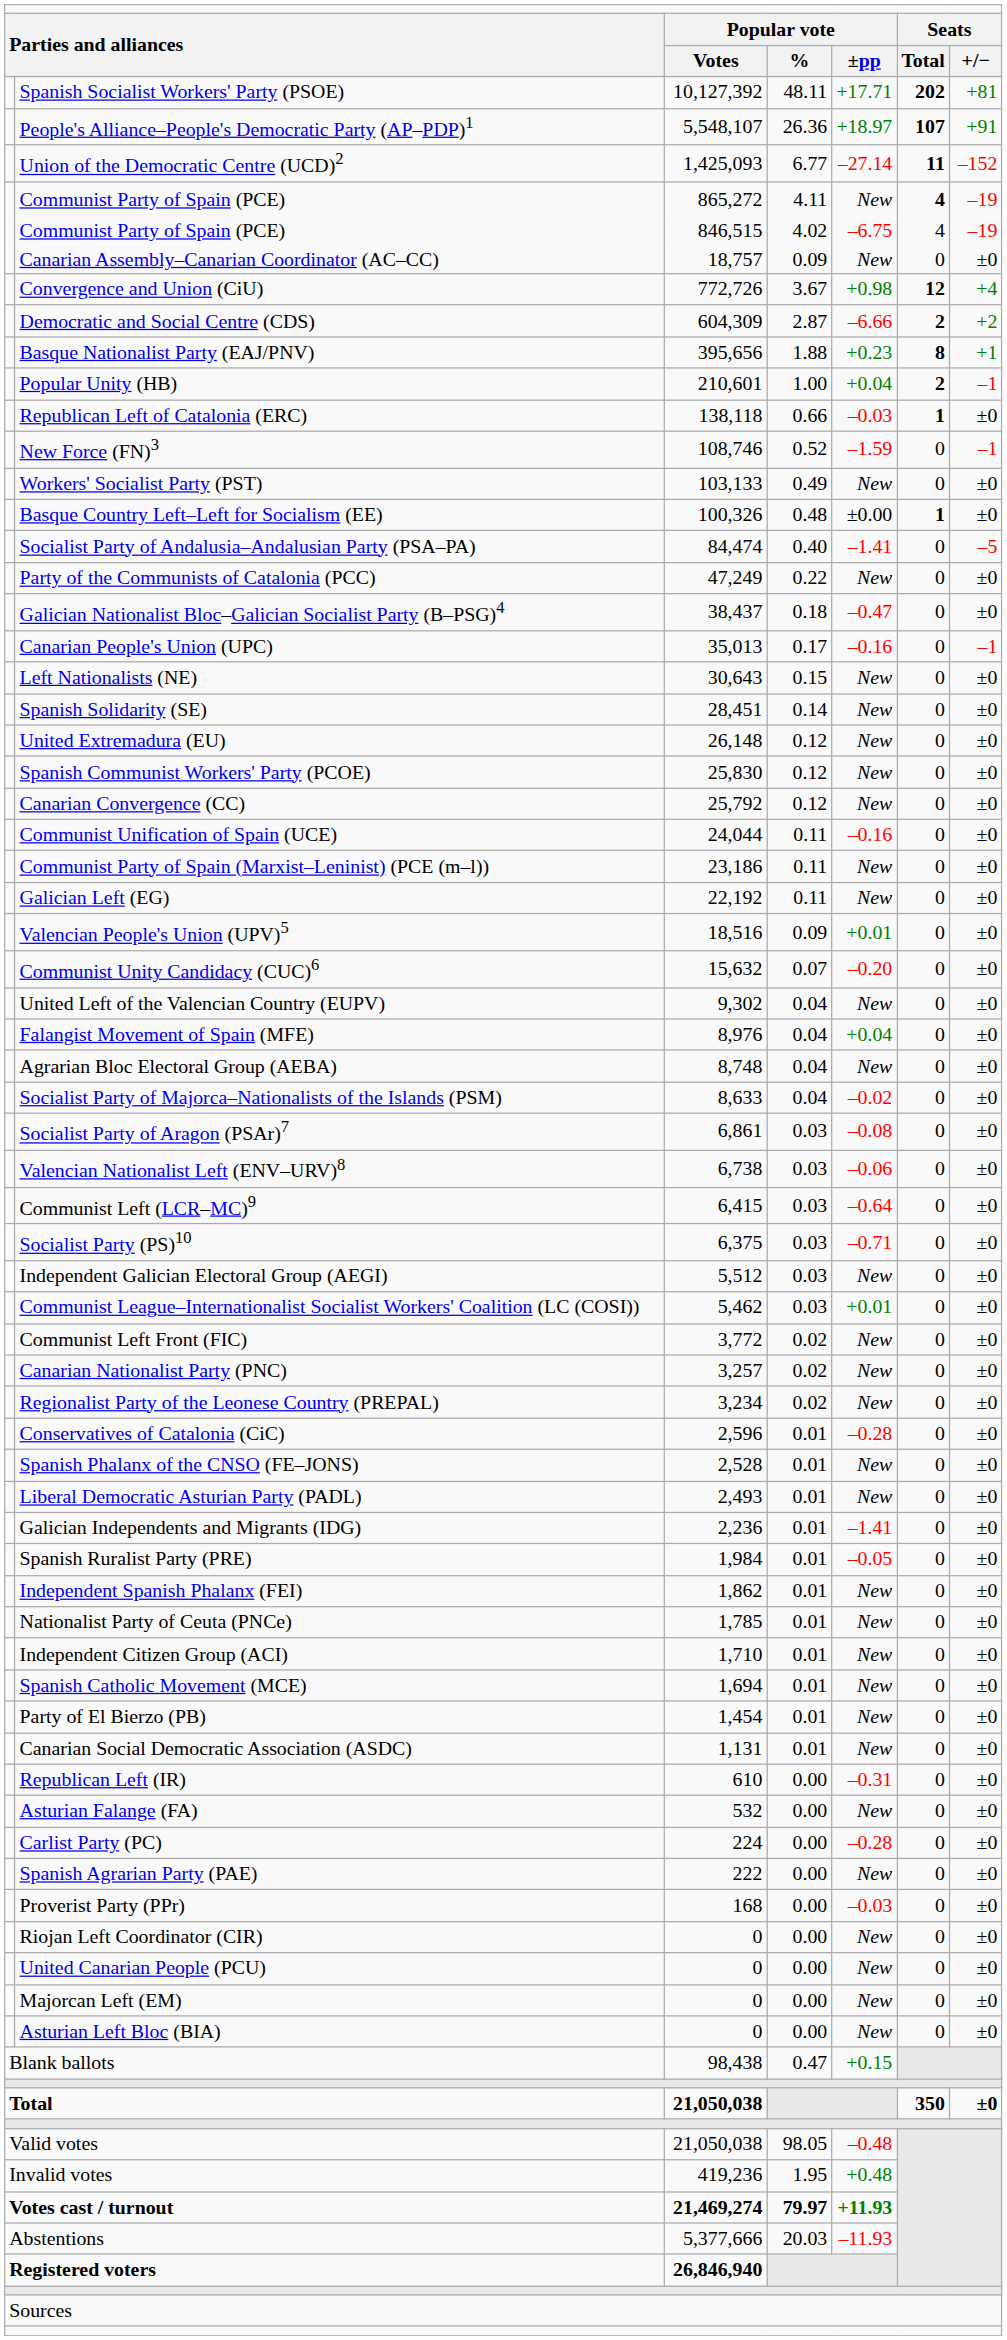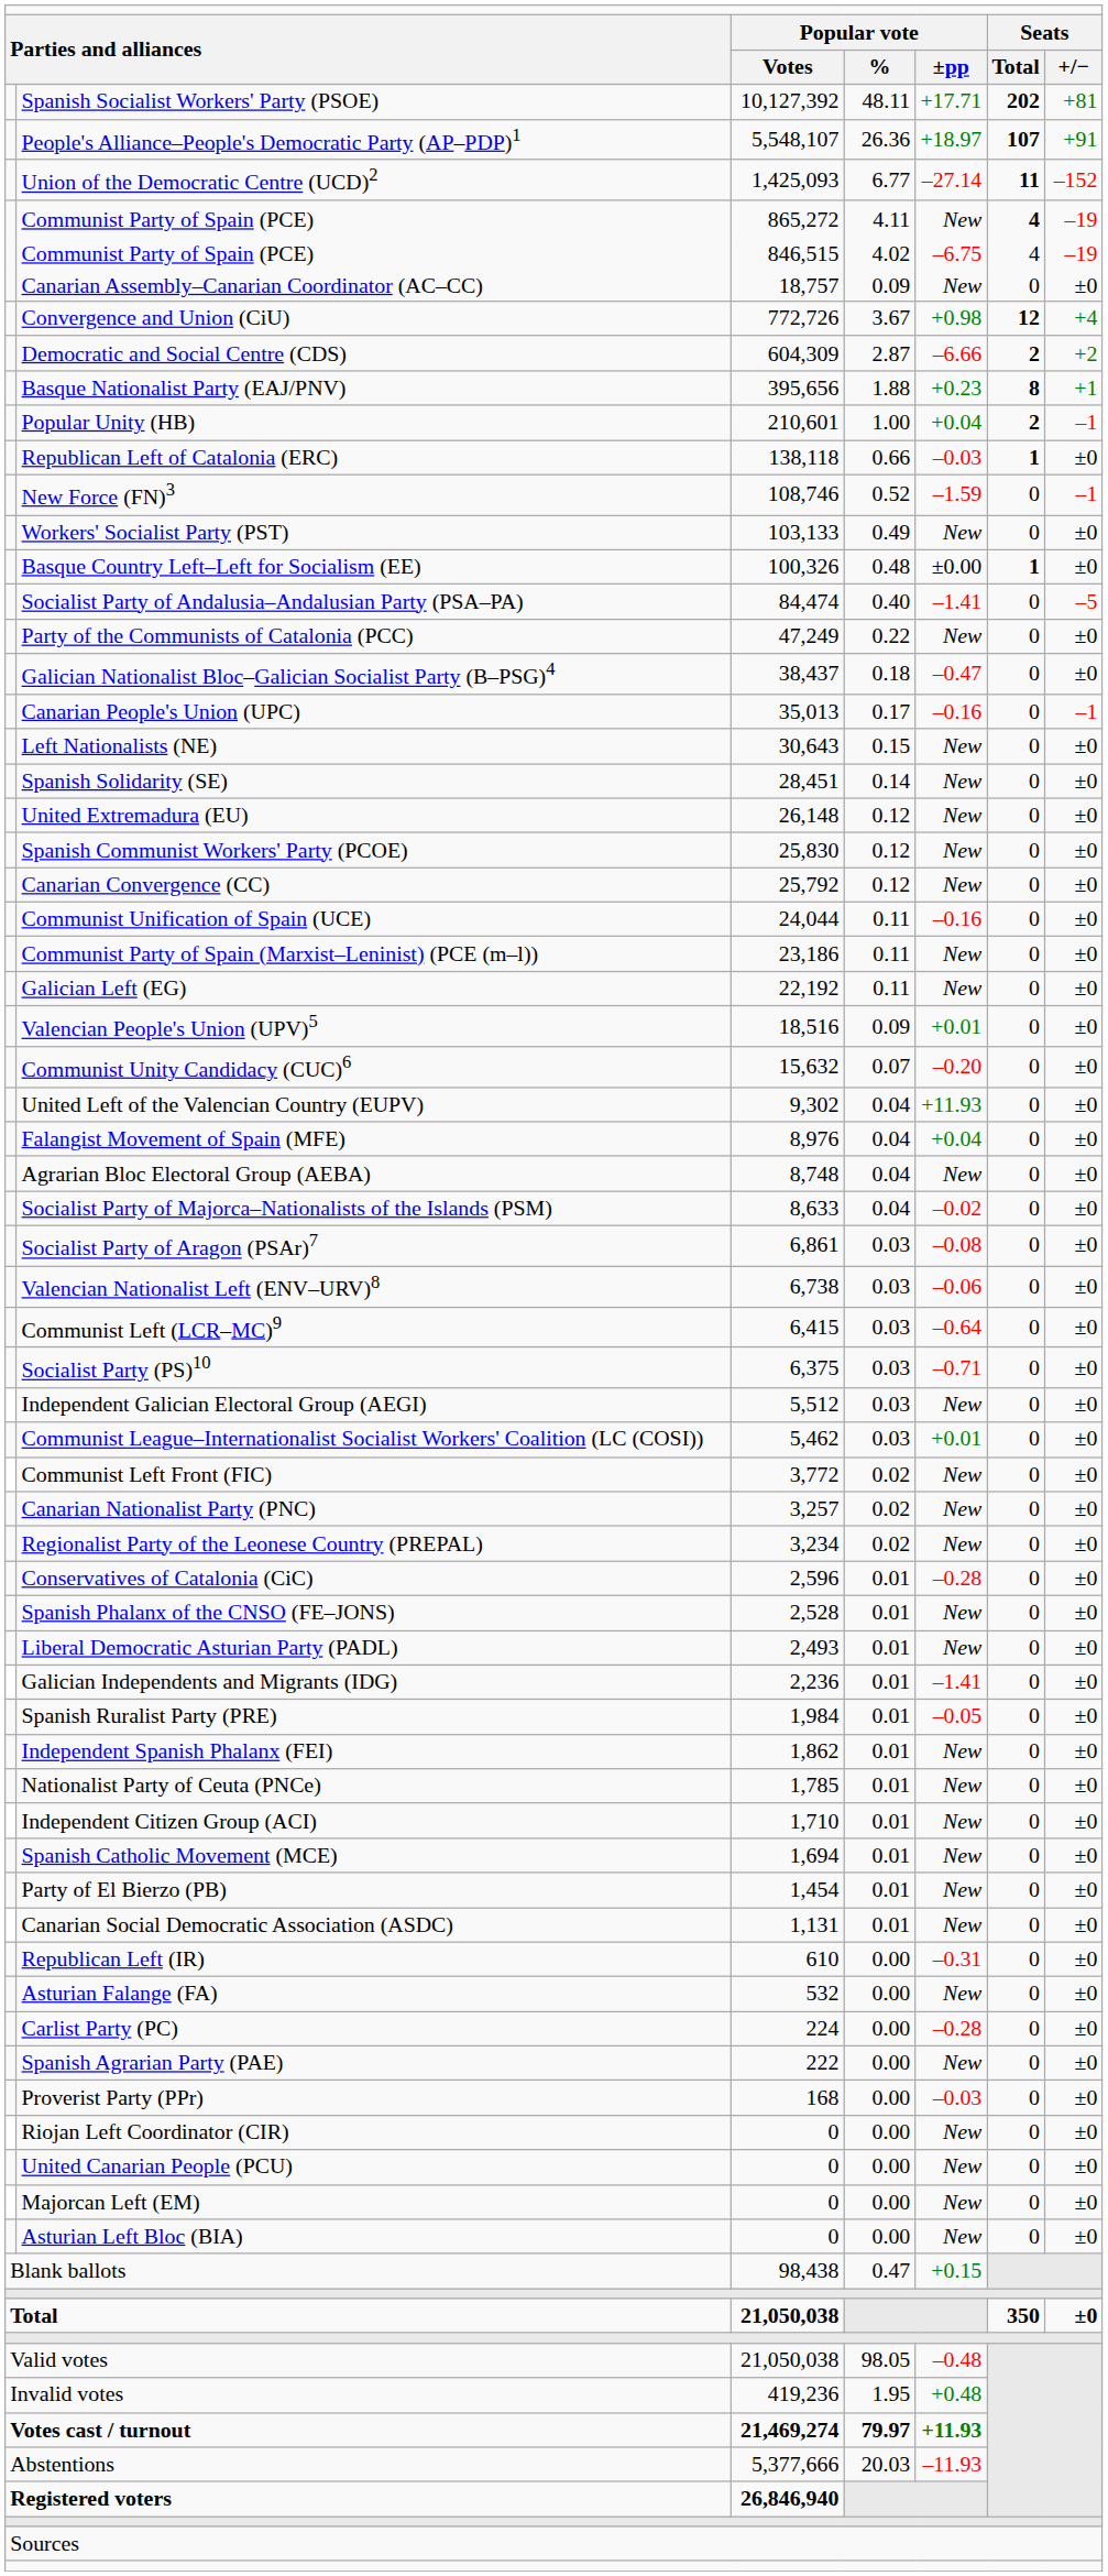 <table class="wikitable" style="text-align:right;">
 <tr>
 <td colspan="7"></td>
 </tr>
 <tr>
 <th style="text-align:left;" rowspan="2" colspan="2" width="525">Parties and alliances</th>
 <th colspan="3">Popular vote</th>
 <th colspan="2">Seats</th>
 </tr>
 <tr>
 <th width="75">Votes</th>
 <th width="45">%</th>
 <th width="45">±<a href='#'>pp</a></th>
 <th width="35">Total</th>
 <th width="35">+/−</th>
 </tr>
 <tr>
 <td width="1" style="color:inherit;background:"></td>
 <td align="left"><a href='#'>Spanish Socialist Workers' Party</a> (PSOE)</td>
 <td>10,127,392</td>
 <td>48.11</td>
 <td style="color:green;">+17.71</td>
 <td><strong>202</strong></td>
 <td style="color:green;">+81</td>
 </tr>
 <tr>
 <td style="color:inherit;background:"></td>
 <td align="left"><a href='#'>People's Alliance–People's Democratic Party</a> (<a href='#'>AP</a>–<a href='#'>PDP</a>)<sup>1</sup></td>
 <td>5,548,107</td>
 <td>26.36</td>
 <td style="color:green;">+18.97</td>
 <td><strong>107</strong></td>
 <td style="color:green;">+91</td>
 </tr>
 <tr>
 <td style="color:inherit;background:"></td>
 <td align="left"><a href='#'>Union of the Democratic Centre</a> (UCD)<sup>2</sup></td>
 <td>1,425,093</td>
 <td>6.77</td>
 <td style="color:red;">–27.14</td>
 <td><strong>11</strong></td>
 <td style="color:red;">–152</td>
 </tr>
 <tr style="line-height:22px;">
 <td rowspan="3" style="color:inherit;background:"></td>
 <td align="left"><a href='#'>Communist Party of Spain</a> (PCE)</td>
 <td>865,272</td>
 <td>4.11</td>
 <td><em>New</em></td>
 <td><strong>4</strong></td>
 <td style="color:red;">–19</td>
 </tr>
 <tr style="border-bottom-style:hidden; border-top-style:hidden; line-height:16px;">
 <td align="left"><span><a href='#'>Communist Party of Spain</a> (PCE)</span></td>
 <td>846,515</td>
 <td>4.02</td>
 <td style="color:red;">–6.75</td>
 <td>4</td>
 <td style="color:red;">–19</td>
 </tr>
 <tr style="line-height:16px;">
 <td align="left"><span><a href='#'>Canarian Assembly–Canarian Coordinator</a> (AC–CC)</span></td>
 <td>18,757</td>
 <td>0.09</td>
 <td><em>New</em></td>
 <td>0</td>
 <td>±0</td>
 </tr>
 <tr>
 <td style="color:inherit;background:"></td>
 <td align="left"><a href='#'>Convergence and Union</a> (CiU)</td>
 <td>772,726</td>
 <td>3.67</td>
 <td style="color:green;">+0.98</td>
 <td><strong>12</strong></td>
 <td style="color:green;">+4</td>
 </tr>
 <tr>
 <td style="color:inherit;background:"></td>
 <td align="left"><a href='#'>Democratic and Social Centre</a> (CDS)</td>
 <td>604,309</td>
 <td>2.87</td>
 <td style="color:red;">–6.66</td>
 <td><strong>2</strong></td>
 <td style="color:green;">+2</td>
 </tr>
 <tr>
 <td style="color:inherit;background:"></td>
 <td align="left"><a href='#'>Basque Nationalist Party</a> (EAJ/PNV)</td>
 <td>395,656</td>
 <td>1.88</td>
 <td style="color:green;">+0.23</td>
 <td><strong>8</strong></td>
 <td style="color:green;">+1</td>
 </tr>
 <tr>
 <td style="color:inherit;background:"></td>
 <td align="left"><a href='#'>Popular Unity</a> (HB)</td>
 <td>210,601</td>
 <td>1.00</td>
 <td style="color:green;">+0.04</td>
 <td><strong>2</strong></td>
 <td style="color:red;">–1</td>
 </tr>
 <tr>
 <td style="color:inherit;background:"></td>
 <td align="left"><a href='#'>Republican Left of Catalonia</a> (ERC)</td>
 <td>138,118</td>
 <td>0.66</td>
 <td style="color:red;">–0.03</td>
 <td><strong>1</strong></td>
 <td>±0</td>
 </tr>
 <tr>
 <td style="color:inherit;background:"></td>
 <td align="left"><a href='#'>New Force</a> (FN)<sup>3</sup></td>
 <td>108,746</td>
 <td>0.52</td>
 <td style="color:red;">–1.59</td>
 <td>0</td>
 <td style="color:red;">–1</td>
 </tr>
 <tr>
 <td style="color:inherit;background:"></td>
 <td align="left"><a href='#'>Workers' Socialist Party</a> (PST)</td>
 <td>103,133</td>
 <td>0.49</td>
 <td><em>New</em></td>
 <td>0</td>
 <td>±0</td>
 </tr>
 <tr>
 <td style="color:inherit;background:"></td>
 <td align="left"><a href='#'>Basque Country Left–Left for Socialism</a> (EE)</td>
 <td>100,326</td>
 <td>0.48</td>
 <td>±0.00</td>
 <td><strong>1</strong></td>
 <td>±0</td>
 </tr>
 <tr>
 <td style="color:inherit;background:"></td>
 <td align="left"><a href='#'>Socialist Party of Andalusia–Andalusian Party</a> (PSA–PA)</td>
 <td>84,474</td>
 <td>0.40</td>
 <td style="color:red;">–1.41</td>
 <td>0</td>
 <td style="color:red;">–5</td>
 </tr>
 <tr>
 <td style="color:inherit;background:"></td>
 <td align="left"><a href='#'>Party of the Communists of Catalonia</a> (PCC)</td>
 <td>47,249</td>
 <td>0.22</td>
 <td><em>New</em></td>
 <td>0</td>
 <td>±0</td>
 </tr>
 <tr>
 <td style="color:inherit;background:"></td>
 <td align="left"><a href='#'>Galician Nationalist Bloc</a>–<a href='#'>Galician Socialist Party</a> (B–PSG)<sup>4</sup></td>
 <td>38,437</td>
 <td>0.18</td>
 <td style="color:red;">–0.47</td>
 <td>0</td>
 <td>±0</td>
 </tr>
 <tr>
 <td style="color:inherit;background:"></td>
 <td align="left"><a href='#'>Canarian People's Union</a> (UPC)</td>
 <td>35,013</td>
 <td>0.17</td>
 <td style="color:red;">–0.16</td>
 <td>0</td>
 <td style="color:red;">–1</td>
 </tr>
 <tr>
 <td style="color:inherit;background:"></td>
 <td align="left"><a href='#'>Left Nationalists</a> (NE)</td>
 <td>30,643</td>
 <td>0.15</td>
 <td><em>New</em></td>
 <td>0</td>
 <td>±0</td>
 </tr>
 <tr>
 <td style="color:inherit;background:"></td>
 <td align="left"><a href='#'>Spanish Solidarity</a> (SE)</td>
 <td>28,451</td>
 <td>0.14</td>
 <td><em>New</em></td>
 <td>0</td>
 <td>±0</td>
 </tr>
 <tr>
 <td style="color:inherit;background:"></td>
 <td align="left"><a href='#'>United Extremadura</a> (EU)</td>
 <td>26,148</td>
 <td>0.12</td>
 <td><em>New</em></td>
 <td>0</td>
 <td>±0</td>
 </tr>
 <tr>
 <td style="color:inherit;background:"></td>
 <td align="left"><a href='#'>Spanish Communist Workers' Party</a> (PCOE)</td>
 <td>25,830</td>
 <td>0.12</td>
 <td><em>New</em></td>
 <td>0</td>
 <td>±0</td>
 </tr>
 <tr>
 <td style="color:inherit;background:"></td>
 <td align="left"><a href='#'>Canarian Convergence</a> (CC)</td>
 <td>25,792</td>
 <td>0.12</td>
 <td><em>New</em></td>
 <td>0</td>
 <td>±0</td>
 </tr>
 <tr>
 <td style="color:inherit;background:"></td>
 <td align="left"><a href='#'>Communist Unification of Spain</a> (UCE)</td>
 <td>24,044</td>
 <td>0.11</td>
 <td style="color:red;">–0.16</td>
 <td>0</td>
 <td>±0</td>
 </tr>
 <tr>
 <td style="color:inherit;background:"></td>
 <td align="left"><a href='#'>Communist Party of Spain (Marxist–Leninist)</a> (PCE (m–l))</td>
 <td>23,186</td>
 <td>0.11</td>
 <td><em>New</em></td>
 <td>0</td>
 <td>±0</td>
 </tr>
 <tr>
 <td style="color:inherit;background:"></td>
 <td align="left"><a href='#'>Galician Left</a> (EG)</td>
 <td>22,192</td>
 <td>0.11</td>
 <td><em>New</em></td>
 <td>0</td>
 <td>±0</td>
 </tr>
 <tr>
 <td style="color:inherit;background:"></td>
 <td align="left"><a href='#'>Valencian People's Union</a> (UPV)<sup>5</sup></td>
 <td>18,516</td>
 <td>0.09</td>
 <td style="color:green;">+0.01</td>
 <td>0</td>
 <td>±0</td>
 </tr>
 <tr>
 <td style="color:inherit;background:"></td>
 <td align="left"><a href='#'>Communist Unity Candidacy</a> (CUC)<sup>6</sup></td>
 <td>15,632</td>
 <td>0.07</td>
 <td style="color:red;">–0.20</td>
 <td>0</td>
 <td>±0</td>
 </tr>
 <tr>
 <td style="color:inherit;background:"></td>
 <td align="left">United Left of the Valencian Country (EUPV)</td>
 <td>9,302</td>
 <td>0.04</td>
-<td><em>New</em></td>
+<td style="color:green;">+11.93</td>
 <td>0</td>
 <td>±0</td>
 </tr>
 <tr>
 <td style="color:inherit;background:"></td>
 <td align="left"><a href='#'>Falangist Movement of Spain</a> (MFE)</td>
 <td>8,976</td>
 <td>0.04</td>
 <td style="color:green;">+0.04</td>
 <td>0</td>
 <td>±0</td>
 </tr>
 <tr>
 <td style="color:inherit;background:"></td>
 <td align="left">Agrarian Bloc Electoral Group (AEBA)</td>
 <td>8,748</td>
 <td>0.04</td>
 <td><em>New</em></td>
 <td>0</td>
 <td>±0</td>
 </tr>
 <tr>
 <td style="color:inherit;background:"></td>
 <td align="left"><a href='#'>Socialist Party of Majorca–Nationalists of the Islands</a> (PSM)</td>
 <td>8,633</td>
 <td>0.04</td>
 <td style="color:red;">–0.02</td>
 <td>0</td>
 <td>±0</td>
 </tr>
 <tr>
 <td style="color:inherit;background:"></td>
 <td align="left"><a href='#'>Socialist Party of Aragon</a> (PSAr)<sup>7</sup></td>
 <td>6,861</td>
 <td>0.03</td>
 <td style="color:red;">–0.08</td>
 <td>0</td>
 <td>±0</td>
 </tr>
 <tr>
 <td style="color:inherit;background:"></td>
 <td align="left"><a href='#'>Valencian Nationalist Left</a> (ENV–URV)<sup>8</sup></td>
 <td>6,738</td>
 <td>0.03</td>
 <td style="color:red;">–0.06</td>
 <td>0</td>
 <td>±0</td>
 </tr>
 <tr>
 <td style="color:inherit;background:"></td>
 <td align="left">Communist Left (<a href='#'>LCR</a>–<a href='#'>MC</a>)<sup>9</sup></td>
 <td>6,415</td>
 <td>0.03</td>
 <td style="color:red;">–0.64</td>
 <td>0</td>
 <td>±0</td>
 </tr>
 <tr>
 <td style="color:inherit;background:"></td>
 <td align="left"><a href='#'>Socialist Party</a> (PS)<sup>10</sup></td>
 <td>6,375</td>
 <td>0.03</td>
 <td style="color:red;">–0.71</td>
 <td>0</td>
 <td>±0</td>
 </tr>
 <tr>
 <td bgcolor="white"></td>
 <td align="left">Independent Galician Electoral Group (AEGI)</td>
 <td>5,512</td>
 <td>0.03</td>
 <td><em>New</em></td>
 <td>0</td>
 <td>±0</td>
 </tr>
 <tr>
 <td style="color:inherit;background:"></td>
 <td align="left"><a href='#'>Communist League–Internationalist Socialist Workers' Coalition</a> (LC (COSI))</td>
 <td>5,462</td>
 <td>0.03</td>
 <td style="color:green;">+0.01</td>
 <td>0</td>
 <td>±0</td>
 </tr>
 <tr>
 <td bgcolor="white"></td>
 <td align="left">Communist Left Front (FIC)</td>
 <td>3,772</td>
 <td>0.02</td>
 <td><em>New</em></td>
 <td>0</td>
 <td>±0</td>
 </tr>
 <tr>
 <td style="color:inherit;background:"></td>
 <td align="left"><a href='#'>Canarian Nationalist Party</a> (PNC)</td>
 <td>3,257</td>
 <td>0.02</td>
 <td><em>New</em></td>
 <td>0</td>
 <td>±0</td>
 </tr>
 <tr>
 <td style="color:inherit;background:"></td>
 <td align="left"><a href='#'>Regionalist Party of the Leonese Country</a> (PREPAL)</td>
 <td>3,234</td>
 <td>0.02</td>
 <td><em>New</em></td>
 <td>0</td>
 <td>±0</td>
 </tr>
 <tr>
 <td style="color:inherit;background:"></td>
 <td align="left"><a href='#'>Conservatives of Catalonia</a> (CiC)</td>
 <td>2,596</td>
 <td>0.01</td>
 <td style="color:red;">–0.28</td>
 <td>0</td>
 <td>±0</td>
 </tr>
 <tr>
 <td style="color:inherit;background:"></td>
 <td align="left"><a href='#'>Spanish Phalanx of the CNSO</a> (FE–JONS)</td>
 <td>2,528</td>
 <td>0.01</td>
 <td><em>New</em></td>
 <td>0</td>
 <td>±0</td>
 </tr>
 <tr>
 <td style="color:inherit;background:"></td>
 <td align="left"><a href='#'>Liberal Democratic Asturian Party</a> (PADL)</td>
 <td>2,493</td>
 <td>0.01</td>
 <td><em>New</em></td>
 <td>0</td>
 <td>±0</td>
 </tr>
 <tr>
 <td bgcolor="white"></td>
 <td align="left">Galician Independents and Migrants (IDG)</td>
 <td>2,236</td>
 <td>0.01</td>
 <td style="color:red;">–1.41</td>
 <td>0</td>
 <td>±0</td>
 </tr>
 <tr>
 <td style="color:inherit;background:"></td>
 <td align="left">Spanish Ruralist Party (PRE)</td>
 <td>1,984</td>
 <td>0.01</td>
 <td style="color:red;">–0.05</td>
 <td>0</td>
 <td>±0</td>
 </tr>
 <tr>
 <td style="color:inherit;background:"></td>
 <td align="left"><a href='#'>Independent Spanish Phalanx</a> (FEI)</td>
 <td>1,862</td>
 <td>0.01</td>
 <td><em>New</em></td>
 <td>0</td>
 <td>±0</td>
 </tr>
 <tr>
 <td style="color:inherit;background:"></td>
 <td align="left">Nationalist Party of Ceuta (PNCe)</td>
 <td>1,785</td>
 <td>0.01</td>
 <td><em>New</em></td>
 <td>0</td>
 <td>±0</td>
 </tr>
 <tr>
 <td bgcolor="white"></td>
 <td align="left">Independent Citizen Group (ACI)</td>
 <td>1,710</td>
 <td>0.01</td>
 <td><em>New</em></td>
 <td>0</td>
 <td>±0</td>
 </tr>
 <tr>
 <td style="color:inherit;background:"></td>
 <td align="left"><a href='#'>Spanish Catholic Movement</a> (MCE)</td>
 <td>1,694</td>
 <td>0.01</td>
 <td><em>New</em></td>
 <td>0</td>
 <td>±0</td>
 </tr>
 <tr>
 <td style="color:inherit;background:"></td>
 <td align="left">Party of El Bierzo (PB)</td>
 <td>1,454</td>
 <td>0.01</td>
 <td><em>New</em></td>
 <td>0</td>
 <td>±0</td>
 </tr>
 <tr>
 <td bgcolor="white"></td>
 <td align="left">Canarian Social Democratic Association (ASDC)</td>
 <td>1,131</td>
 <td>0.01</td>
 <td><em>New</em></td>
 <td>0</td>
 <td>±0</td>
 </tr>
 <tr>
 <td style="color:inherit;background:"></td>
 <td align="left"><a href='#'>Republican Left</a> (IR)</td>
 <td>610</td>
 <td>0.00</td>
 <td style="color:red;">–0.31</td>
 <td>0</td>
 <td>±0</td>
 </tr>
 <tr>
 <td style="color:inherit;background:"></td>
 <td align="left"><a href='#'>Asturian Falange</a> (FA)</td>
 <td>532</td>
 <td>0.00</td>
 <td><em>New</em></td>
 <td>0</td>
 <td>±0</td>
 </tr>
 <tr>
 <td style="color:inherit;background:"></td>
 <td align="left"><a href='#'>Carlist Party</a> (PC)</td>
 <td>224</td>
 <td>0.00</td>
 <td style="color:red;">–0.28</td>
 <td>0</td>
 <td>±0</td>
 </tr>
 <tr>
 <td style="color:inherit;background:"></td>
 <td align="left"><a href='#'>Spanish Agrarian Party</a> (PAE)</td>
 <td>222</td>
 <td>0.00</td>
 <td><em>New</em></td>
 <td>0</td>
 <td>±0</td>
 </tr>
 <tr>
 <td style="color:inherit;background:"></td>
 <td align="left">Proverist Party (PPr)</td>
 <td>168</td>
 <td>0.00</td>
 <td style="color:red;">–0.03</td>
 <td>0</td>
 <td>±0</td>
 </tr>
 <tr>
 <td bgcolor="white"></td>
 <td align="left">Riojan Left Coordinator (CIR)</td>
 <td>0</td>
 <td>0.00</td>
 <td><em>New</em></td>
 <td>0</td>
 <td>±0</td>
 </tr>
 <tr>
 <td style="color:inherit;background:"></td>
 <td align="left"><a href='#'>United Canarian People</a> (PCU)</td>
 <td>0</td>
 <td>0.00</td>
 <td><em>New</em></td>
 <td>0</td>
 <td>±0</td>
 </tr>
 <tr>
 <td bgcolor="white"></td>
 <td align="left">Majorcan Left (EM)</td>
 <td>0</td>
 <td>0.00</td>
 <td><em>New</em></td>
 <td>0</td>
 <td>±0</td>
 </tr>
 <tr>
 <td style="color:inherit;background:"></td>
 <td align="left"><a href='#'>Asturian Left Bloc</a> (BIA)</td>
 <td>0</td>
 <td>0.00</td>
 <td><em>New</em></td>
 <td>0</td>
 <td>±0</td>
 </tr>
 <tr>
 <td align="left" colspan="2">Blank ballots</td>
 <td>98,438</td>
 <td>0.47</td>
 <td style="color:green;">+0.15</td>
 <td bgcolor="#E9E9E9" colspan="2"></td>
 </tr>
 <tr>
 <td colspan="7" bgcolor="#E9E9E9"></td>
 </tr>
 <tr style="font-weight:bold;">
 <td align="left" colspan="2">Total</td>
 <td>21,050,038</td>
 <td bgcolor="#E9E9E9" colspan="2"></td>
 <td>350</td>
 <td>±0</td>
 </tr>
 <tr>
 <td colspan="7" bgcolor="#E9E9E9"></td>
 </tr>
 <tr>
 <td align="left" colspan="2">Valid votes</td>
 <td>21,050,038</td>
 <td>98.05</td>
 <td style="color:red;">–0.48</td>
 <td bgcolor="#E9E9E9" colspan="2" rowspan="5"></td>
 </tr>
 <tr>
 <td align="left" colspan="2">Invalid votes</td>
 <td>419,236</td>
 <td>1.95</td>
 <td style="color:green;">+0.48</td>
 </tr>
 <tr style="font-weight:bold;">
 <td align="left" colspan="2">Votes cast / turnout</td>
 <td>21,469,274</td>
 <td>79.97</td>
 <td style="color:green;">+11.93</td>
 </tr>
 <tr>
 <td align="left" colspan="2">Abstentions</td>
 <td>5,377,666</td>
 <td>20.03</td>
 <td style="color:red;">–11.93</td>
 </tr>
 <tr style="font-weight:bold;">
 <td align="left" colspan="2">Registered voters</td>
 <td>26,846,940</td>
 <td bgcolor="#E9E9E9" colspan="2"></td>
 </tr>
 <tr>
 <td colspan="7" bgcolor="#E9E9E9"></td>
 </tr>
 <tr>
 <td align="left" colspan="7">Sources</td>
 </tr>
 <tr>
 <td colspan="7" style="text-align:left; max-width:790px;"></td>
 </tr>
 </table>
